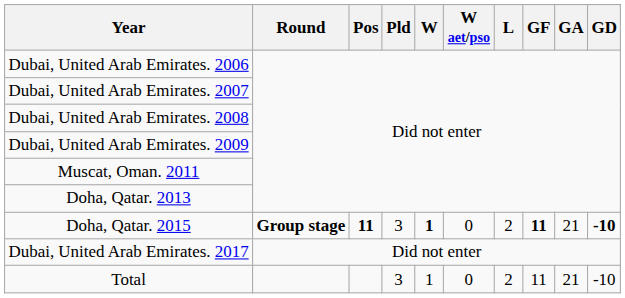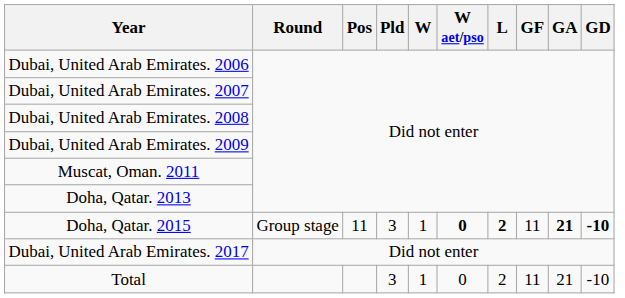 <table class="wikitable" style="text-align: center;">
 <tr>
 <th>Year</th>
 <th>Round</th>
 <th width=20>Pos</th>
 <th width=20>Pld</th>
 <th width=20>W</th>
 <th width=20>W<br><small><a href='#'>aet</a>/<a href='#'>pso</a></small></th>
 <th width=20>L</th>
 <th width=20>GF</th>
 <th width=20>GA</th>
 <th width=20>GD</th>
 </tr>
 <tr style="background:;">
 <td>Dubai, United Arab Emirates. <a href='#'>2006</a></td>
 <td rowspan=6 colspan=9>Did not enter</td>
 </tr>
 <tr style="background:;">
 <td>Dubai, United Arab Emirates. <a href='#'>2007</a></td>
 </tr>
 <tr style="background:;">
 <td>Dubai, United Arab Emirates. <a href='#'>2008</a></td>
 </tr>
 <tr style="background:;">
 <td>Dubai, United Arab Emirates. <a href='#'>2009</a></td>
 </tr>
 <tr style="background:;">
 <td>Muscat, Oman. <a href='#'>2011</a></td>
 </tr>
 <tr style="background:;">
 <td>Doha, Qatar. <a href='#'>2013</a></td>
 </tr>
 <tr style="background:;">
 <td>Doha, Qatar. <a href='#'>2015</a></td>
-<td><strong>Group stage</strong></td>
-<td><strong>11</strong></td>
+<td>Group stage</td>
+<td>11</td>
 <td>3</td>
-<td><strong>1</strong></td>
-<td>0</td>
-<td>2</td>
-<td><strong>11</strong></td>
-<td>21</td>
+<td>1</td>
+<td><strong>0</strong></td>
+<td><strong>2</strong></td>
+<td>11</td>
+<td><strong>21</strong></td>
 <td><strong>-10</strong></td>
 </tr>
 <tr style="background:;">
 <td>Dubai, United Arab Emirates. <a href='#'>2017</a></td>
 <td colspan=9>Did not enter</td>
 </tr>
 <tr>
 <td>Total</td>
 <td></td>
 <td></td>
 <td>3</td>
 <td>1</td>
 <td>0</td>
 <td>2</td>
 <td>11</td>
 <td>21</td>
 <td>-10</td>
 </tr>
 </table>
